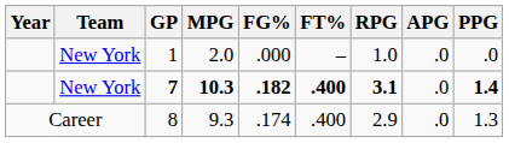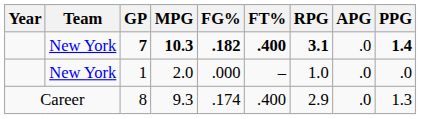 <table class="wikitable sortable" style="font-size:95%; text-align:right;">
 <tr>
 <th>Year</th>
 <th>Team</th>
 <th>GP</th>
 <th>MPG</th>
 <th>FG%</th>
 <th>FT%</th>
 <th>RPG</th>
 <th>APG</th>
 <th>PPG</th>
 </tr>
 <tr>
 <td style="text-align:left;"></td>
 <td style="text-align:left;"><a href='#'>New York</a></td>
+<td><strong>7</strong></td>
+<td><strong>10.3</strong></td>
+<td><strong>.182</strong></td>
+<td><strong>.400</strong></td>
+<td><strong>3.1</strong></td>
+<td>.0</td>
+<td><strong>1.4</strong></td>
+</tr>
+<tr>
+<td style="text-align:left;"></td>
+<td style="text-align:left;"><a href='#'>New York</a></td>
 <td>1</td>
 <td>2.0</td>
 <td>.000</td>
 <td>–</td>
 <td>1.0</td>
 <td>.0</td>
 <td>.0</td>
-</tr>
-<tr>
-<td style="text-align:left;"></td>
-<td style="text-align:left;"><a href='#'>New York</a></td>
-<td><strong>7</strong></td>
-<td><strong>10.3</strong></td>
-<td><strong>.182</strong></td>
-<td><strong>.400</strong></td>
-<td><strong>3.1</strong></td>
-<td>.0</td>
-<td><strong>1.4</strong></td>
 </tr>
 <tr class="sortbottom">
 <td style="text-align:center;" colspan="2">Career</td>
 <td>8</td>
 <td>9.3</td>
 <td>.174</td>
 <td>.400</td>
 <td>2.9</td>
 <td>.0</td>
 <td>1.3</td>
 </tr>
 </table>
